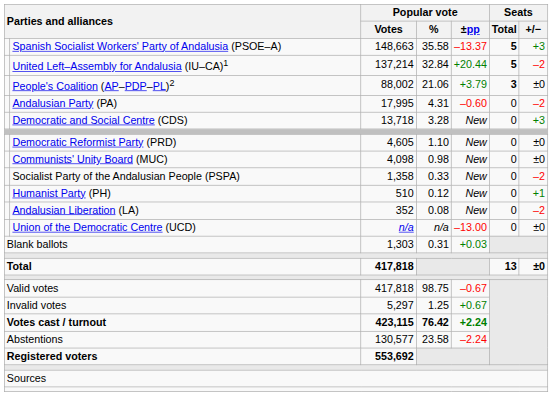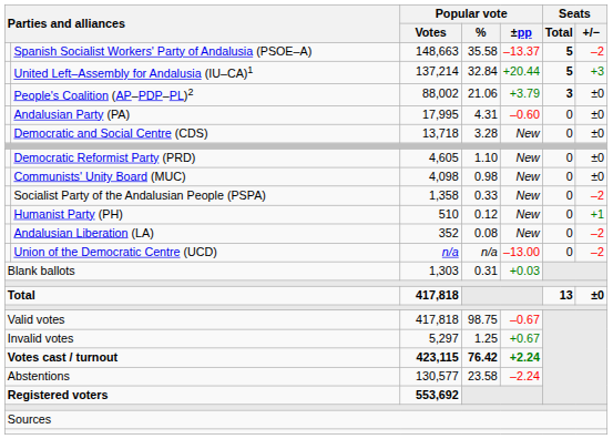 <table class="wikitable" style="text-align:right;">
 <tr>
 <th style="text-align:left;" rowspan="2" colspan="2" width="525">Parties and alliances</th>
 <th colspan="3">Popular vote</th>
 <th colspan="2">Seats</th>
 </tr>
 <tr>
 <th width="75">Votes</th>
 <th width="45">%</th>
 <th width="45">±<a href='#'>pp</a></th>
 <th width="35">Total</th>
 <th width="35">+/−</th>
 </tr>
 <tr>
 <td width="1" style="color:inherit;background:"></td>
 <td align="left"><a href='#'>Spanish Socialist Workers' Party of Andalusia</a> (PSOE–A)</td>
 <td>148,663</td>
 <td>35.58</td>
 <td style="color:red;">–13.37</td>
 <td><strong>5</strong></td>
-<td style="color:green;">+3</td>
+<td style="color:red;">–2</td>
 </tr>
 <tr>
 <td style="color:inherit;background:"></td>
 <td align="left"><a href='#'>United Left–Assembly for Andalusia</a> (IU–CA)<sup>1</sup></td>
 <td>137,214</td>
 <td>32.84</td>
 <td style="color:green;">+20.44</td>
 <td><strong>5</strong></td>
-<td style="color:red;">–2</td>
+<td style="color:green;">+3</td>
 </tr>
 <tr>
 <td style="color:inherit;background:"></td>
 <td align="left"><a href='#'>People's Coalition</a> (<a href='#'>AP</a>–<a href='#'>PDP</a>–<a href='#'>PL</a>)<sup>2</sup></td>
 <td>88,002</td>
 <td>21.06</td>
 <td style="color:green;">+3.79</td>
 <td><strong>3</strong></td>
 <td>±0</td>
 </tr>
 <tr>
 <td style="color:inherit;background:"></td>
 <td align="left"><a href='#'>Andalusian Party</a> (PA)</td>
 <td>17,995</td>
 <td>4.31</td>
 <td style="color:red;">–0.60</td>
 <td>0</td>
-<td style="color:red;">–2</td>
+<td>±0</td>
 </tr>
 <tr>
 <td style="color:inherit;background:"></td>
 <td align="left"><a href='#'>Democratic and Social Centre</a> (CDS)</td>
 <td>13,718</td>
 <td>3.28</td>
 <td><em>New</em></td>
 <td>0</td>
-<td style="color:green;">+3</td>
+<td>±0</td>
 </tr>
 <tr>
 <td colspan="7" bgcolor="#C0C0C0"></td>
 </tr>
 <tr>
 <td style="color:inherit;background:"></td>
 <td align="left"><a href='#'>Democratic Reformist Party</a> (PRD)</td>
 <td>4,605</td>
 <td>1.10</td>
 <td><em>New</em></td>
 <td>0</td>
 <td>±0</td>
 </tr>
 <tr>
 <td style="color:inherit;background:"></td>
 <td align="left"><a href='#'>Communists' Unity Board</a> (MUC)</td>
 <td>4,098</td>
 <td>0.98</td>
 <td><em>New</em></td>
 <td>0</td>
 <td>±0</td>
 </tr>
 <tr>
 <td style="color:inherit;background:"></td>
 <td align="left">Socialist Party of the Andalusian People (PSPA)</td>
 <td>1,358</td>
 <td>0.33</td>
 <td><em>New</em></td>
 <td>0</td>
 <td style="color:red;">–2</td>
 </tr>
 <tr>
 <td style="color:inherit;background:"></td>
 <td align="left"><a href='#'>Humanist Party</a> (PH)</td>
 <td>510</td>
 <td>0.12</td>
 <td><em>New</em></td>
 <td>0</td>
 <td style="color:green;">+1</td>
 </tr>
 <tr>
 <td style="color:inherit;background:"></td>
 <td align="left"><a href='#'>Andalusian Liberation</a> (LA)</td>
 <td>352</td>
 <td>0.08</td>
 <td><em>New</em></td>
 <td>0</td>
 <td style="color:red;">–2</td>
 </tr>
 <tr>
 <td style="color:inherit;background:"></td>
 <td align="left"><a href='#'>Union of the Democratic Centre</a> (UCD)</td>
 <td><em><a href='#'>n/a</a></em></td>
 <td><em>n/a</em></td>
 <td style="color:red;">–13.00</td>
 <td>0</td>
-<td>±0</td>
+<td style="color:red;">–2</td>
 </tr>
 <tr>
 <td align="left" colspan="2">Blank ballots</td>
 <td>1,303</td>
 <td>0.31</td>
 <td style="color:green;">+0.03</td>
 <td bgcolor="#E9E9E9" colspan="2"></td>
 </tr>
 <tr>
 <td colspan="7" bgcolor="#E9E9E9"></td>
 </tr>
 <tr style="font-weight:bold;">
 <td align="left" colspan="2">Total</td>
 <td>417,818</td>
 <td bgcolor="#E9E9E9" colspan="2"></td>
 <td>13</td>
 <td>±0</td>
 </tr>
 <tr>
 <td colspan="7" bgcolor="#E9E9E9"></td>
 </tr>
 <tr>
 <td align="left" colspan="2">Valid votes</td>
 <td>417,818</td>
 <td>98.75</td>
 <td style="color:red;">–0.67</td>
 <td bgcolor="#E9E9E9" colspan="2" rowspan="5"></td>
 </tr>
 <tr>
 <td align="left" colspan="2">Invalid votes</td>
 <td>5,297</td>
 <td>1.25</td>
 <td style="color:green;">+0.67</td>
 </tr>
 <tr style="font-weight:bold;">
 <td align="left" colspan="2">Votes cast / turnout</td>
 <td>423,115</td>
 <td>76.42</td>
 <td style="color:green;">+2.24</td>
 </tr>
 <tr>
 <td align="left" colspan="2">Abstentions</td>
 <td>130,577</td>
 <td>23.58</td>
 <td style="color:red;">–2.24</td>
 </tr>
 <tr style="font-weight:bold;">
 <td align="left" colspan="2">Registered voters</td>
 <td>553,692</td>
 <td bgcolor="#E9E9E9" colspan="2"></td>
 </tr>
 <tr>
 <td colspan="7" bgcolor="#E9E9E9"></td>
 </tr>
 <tr>
 <td align="left" colspan="7">Sources</td>
 </tr>
 <tr>
 <td colspan="7" style="text-align:left; max-width:790px;"></td>
 </tr>
 </table>
